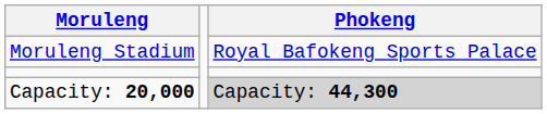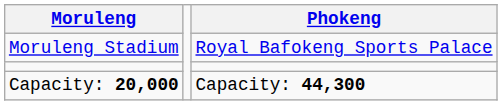 <table class="wikitable">
 <tr>
 <th><a href='#'>Moruleng</a></th>
 <td rowspan="4"><br></td>
 <th><a href='#'>Phokeng</a></th>
 </tr>
 <tr>
 <td><a href='#'>Moruleng Stadium</a></td>
 <td><a href='#'>Royal Bafokeng Sports Palace</a></td>
 </tr>
 <tr>
 <td><small></small></td>
 <td><small></small></td>
 </tr>
 <tr>
 <td>Capacity: <strong>20,000</strong></td>
-<td style="background: lightgrey;">Capacity: <strong>44,300</strong></td>
+<td>Capacity: <strong>44,300</strong></td>
 </tr>
 </table>
